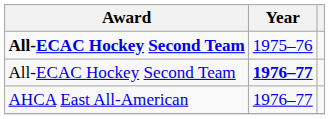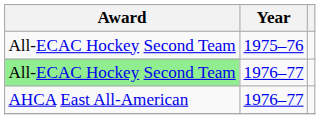 <table class="wikitable">
 <tr>
 <th>Award</th>
 <th>Year</th>
 <th></th>
 </tr>
 <tr>
-<td><strong>All-<a href='#'>ECAC Hockey</a> <a href='#'>Second Team</a></strong></td>
+<td>All-<a href='#'>ECAC Hockey</a> <a href='#'>Second Team</a></td>
 <td><a href='#'>1975–76</a></td>
 <td></td>
 </tr>
 <tr>
-<td>All-<a href='#'>ECAC Hockey</a> <a href='#'>Second Team</a></td>
-<td><strong><a href='#'>1976–77</a></strong></td>
+<td style="background: lightgreen;">All-<a href='#'>ECAC Hockey</a> <a href='#'>Second Team</a></td>
+<td><a href='#'>1976–77</a></td>
 <td></td>
 </tr>
 <tr>
 <td><a href='#'>AHCA</a> <a href='#'>East All-American</a></td>
 <td><a href='#'>1976–77</a></td>
 <td></td>
 </tr>
 <tr>
 </tr>
 </table>
